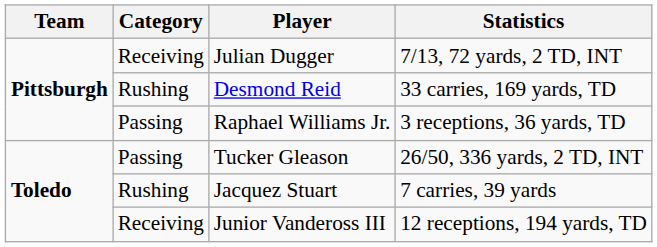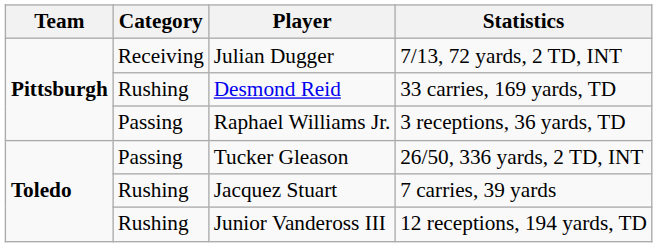 <table class="wikitable" style="float: right;">
 <tr>
 <th>Team</th>
 <th>Category</th>
 <th>Player</th>
 <th>Statistics</th>
 </tr>
 <tr>
 <td rowspan=3><strong>Pittsburgh</strong></td>
 <td>Receiving</td>
 <td>Julian Dugger</td>
 <td>7/13, 72 yards, 2 TD, INT</td>
 </tr>
 <tr>
 <td>Rushing</td>
 <td><a href='#'>Desmond Reid</a></td>
 <td>33 carries, 169 yards, TD</td>
 </tr>
 <tr>
 <td>Passing</td>
 <td>Raphael Williams Jr.</td>
 <td>3 receptions, 36 yards, TD</td>
 </tr>
 <tr>
 <td rowspan=3><strong>Toledo</strong></td>
 <td>Passing</td>
 <td>Tucker Gleason</td>
 <td>26/50, 336 yards, 2 TD, INT</td>
 </tr>
 <tr>
 <td>Rushing</td>
 <td>Jacquez Stuart</td>
 <td>7 carries, 39 yards</td>
 </tr>
 <tr>
-<td>Receiving</td>
+<td>Rushing</td>
 <td>Junior Vandeross III</td>
 <td>12 receptions, 194 yards, TD</td>
 </tr>
 </table>
